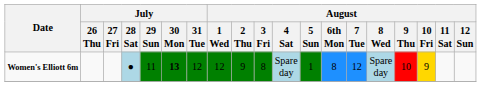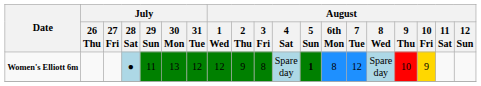 <table class="wikitable" style="margin:0.5em auto; font-size:90%; line-height:1.25em;">
 <tr>
 <th rowspan=2>Date</th>
 <th colspan=6>July</th>
 <th colspan=12>August</th>
 </tr>
 <tr>
 <th>26<br>Thu</th>
 <th>27<br>Fri</th>
 <th>28<br>Sat</th>
 <th>29<br>Sun</th>
 <th>30<br>Mon</th>
 <th>31<br>Tue</th>
 <th>1<br>Wed</th>
 <th>2<br>Thu</th>
 <th>3<br>Fri</th>
 <th>4<br>Sat</th>
 <th>5<br>Sun</th>
 <th>6th<br>Mon</th>
 <th>7<br>Tue</th>
 <th>8<br>Wed</th>
 <th>9<br>Thu</th>
 <th>10<br>Fri</th>
 <th>11<br>Sat</th>
 <th>12<br>Sun</th>
 </tr>
 <tr align="center">
 <td align="right"><small><strong>Women's Elliott 6m</strong></small></td>
 <td></td>
 <td></td>
 <td bgcolor=LightBlue><span> ● </span></td>
 <td bgcolor=Green><span> 11 </span></td>
-<td bgcolor=Green><strong><span> 13 </span></strong></td>
+<td bgcolor=Green><span> 13 </span></td>
 <td bgcolor=Green><span> 12 </span></td>
 <td bgcolor=Green><span> 12 </span></td>
 <td bgcolor=Green><span> 9 </span></td>
 <td bgcolor=Green><span> 8 </span></td>
 <td bgcolor=LightBlue><span> Spare<br>day </span></td>
-<td bgcolor=Green><span> 1 </span></td>
+<td bgcolor=Green><strong><span> 1 </span></strong></td>
 <td bgcolor=DodgerBlue><span> 8 </span></td>
 <td bgcolor=DodgerBlue><span> 12 </span></td>
 <td bgcolor=LightBlue><span> Spare<br>day </span></td>
 <td bgcolor=Red><span> 10 </span></td>
 <td bgcolor=Gold><span> 9 </span></td>
 <td></td>
 <td></td>
 </tr>
 <tr>
 </tr>
 </table>
